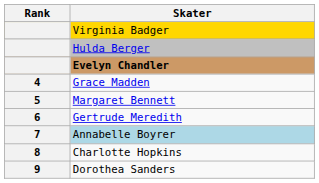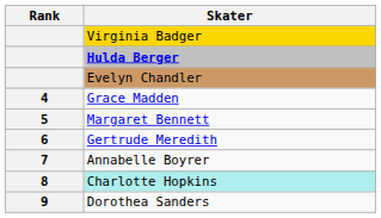 <table class="wikitable unsortable" style="text-align:left; width:30%">
 <tr>
 <th scope="col">Rank</th>
 <th scope="col">Skater</th>
 </tr>
 <tr bgcolor="gold">
 <th scope="row"></th>
 <td>Virginia Badger</td>
 </tr>
 <tr bgcolor="silver">
 <th scope="row"></th>
-<td><a href='#'>Hulda Berger</a></td>
+<td><strong><a href='#'>Hulda Berger</a></strong></td>
 </tr>
 <tr bgcolor="cc9966">
 <th scope="row"></th>
-<td><strong>Evelyn Chandler</strong></td>
+<td>Evelyn Chandler</td>
 </tr>
 <tr>
 <th scope="row">4</th>
 <td><a href='#'>Grace Madden</a></td>
 </tr>
 <tr>
 <th scope="row">5</th>
 <td><a href='#'>Margaret Bennett</a></td>
 </tr>
 <tr>
 <th scope="row">6</th>
 <td><a href='#'>Gertrude Meredith</a></td>
 </tr>
 <tr>
 <th scope="row">7</th>
-<td style="background: lightblue;">Annabelle Boyrer</td>
+<td>Annabelle Boyrer</td>
 </tr>
 <tr>
 <th scope="row">8</th>
-<td>Charlotte Hopkins</td>
+<td style="background: paleturquoise;">Charlotte Hopkins</td>
 </tr>
 <tr>
 <th scope="row">9</th>
 <td>Dorothea Sanders</td>
 </tr>
 </table>
